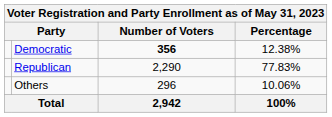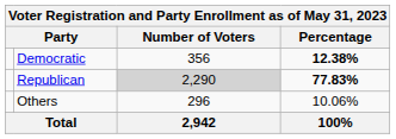 <table class=wikitable>
 <tr>
 <th colspan = 6>Voter Registration and Party Enrollment as of May 31, 2023</th>
 </tr>
 <tr>
 <th colspan = 2>Party</th>
 <th>Number of Voters</th>
 <th>Percentage</th>
 </tr>
 <tr>
 <td></td>
 <td><a href='#'>Democratic</a></td>
-<td align = center><strong>356</strong></td>
-<td align = center>12.38%</td>
+<td align = center>356</td>
+<td align = center><strong>12.38%</strong></td>
 </tr>
 <tr>
 <td></td>
 <td><a href='#'>Republican</a></td>
-<td align = center>2,290</td>
-<td align = center>77.83%</td>
+<td align = center style="background: lightgrey;">2,290</td>
+<td align = center><strong>77.83%</strong></td>
 </tr>
 <tr>
 <td></td>
 <td>Others</td>
 <td align = center>296</td>
 <td align = center>10.06%</td>
 </tr>
 <tr>
 <th colspan = 2>Total</th>
 <th align = center>2,942</th>
 <th align = center>100%</th>
 </tr>
 </table>
